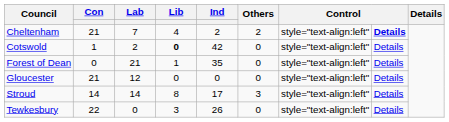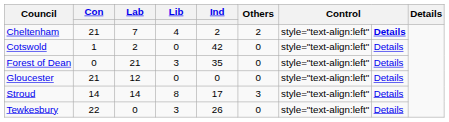 <table class="wikitable" style="text-align:center;">
 <tr>
 <th rowspan=2>Council</th>
 <th style="width:60px;"><a href='#'>Con</a></th>
 <th style="width:60px;"><a href='#'>Lab</a></th>
 <th style="width:60px;"><a href='#'>Lib</a></th>
 <th style="width:60px;"><a href='#'>Ind</a></th>
 <th style="width:60px;" rowspan=2>Others</th>
 <th rowspan=2 colspan=2>Control</th>
 <th rowspan=2>Details</th>
 </tr>
 <tr>
 <th style="background:"></th>
 <th style="background:"></th>
 <th style="background:"></th>
 <th style="background:"></th>
 </tr>
 <tr>
 <td style="text-align:left"><a href='#'>Cheltenham</a></td>
 <td>21</td>
 <td>7</td>
 <td>4</td>
 <td>2</td>
 <td>2</td>
 <td>style="text-align:left" </td>
 <td style="text-align:left"><strong><a href='#'>Details</a></strong></td>
 </tr>
 <tr>
 <td style="text-align:left"><a href='#'>Cotswold</a></td>
 <td>1</td>
 <td>2</td>
-<td><strong>0</strong></td>
+<td>0</td>
 <td>42</td>
 <td>0</td>
 <td>style="text-align:left" </td>
 <td style="text-align:left"><a href='#'>Details</a></td>
 </tr>
 <tr>
 <td style="text-align:left"><a href='#'>Forest of Dean</a></td>
 <td>0</td>
 <td>21</td>
-<td>1</td>
+<td>3</td>
 <td>35</td>
 <td>0</td>
 <td>style="text-align:left" </td>
 <td style="text-align:left"><a href='#'>Details</a></td>
 </tr>
 <tr>
 <td style="text-align:left"><a href='#'>Gloucester</a></td>
 <td>21</td>
 <td>12</td>
 <td>0</td>
 <td>0</td>
 <td>0</td>
 <td>style="text-align:left" </td>
 <td style="text-align:left"><a href='#'>Details</a></td>
 </tr>
 <tr>
 <td style="text-align:left"><a href='#'>Stroud</a></td>
 <td>14</td>
 <td>14</td>
 <td>8</td>
 <td>17</td>
 <td>3</td>
 <td>style="text-align:left" </td>
 <td style="text-align:left"><a href='#'>Details</a></td>
 </tr>
 <tr>
 <td style="text-align:left"><a href='#'>Tewkesbury</a></td>
 <td>22</td>
 <td>0</td>
 <td>3</td>
 <td>26</td>
 <td>0</td>
 <td>style="text-align:left" </td>
 <td style="text-align:left"><a href='#'>Details</a></td>
 </tr>
 </table>
